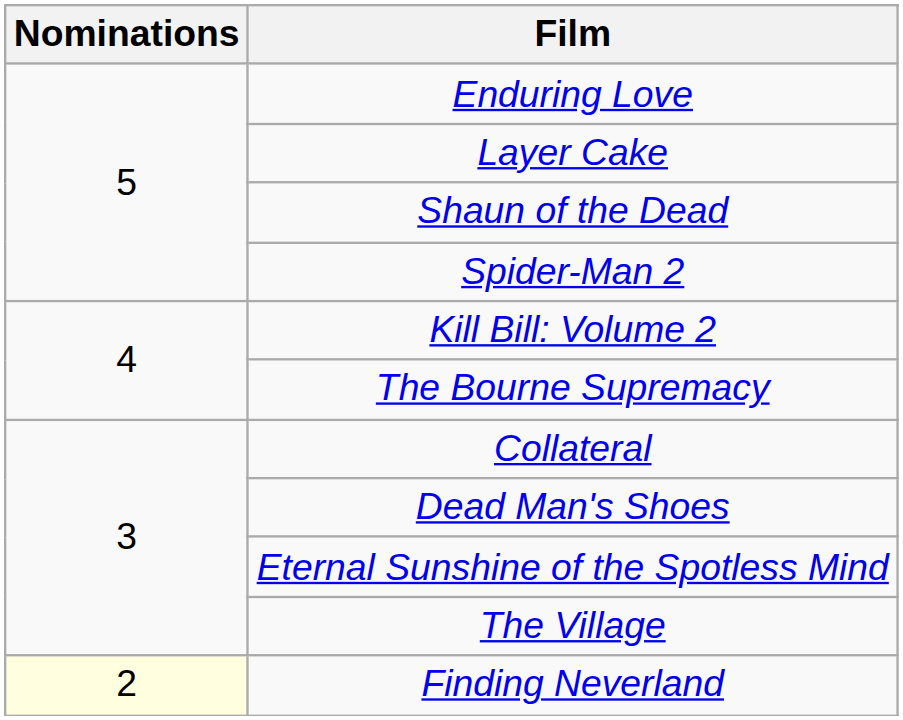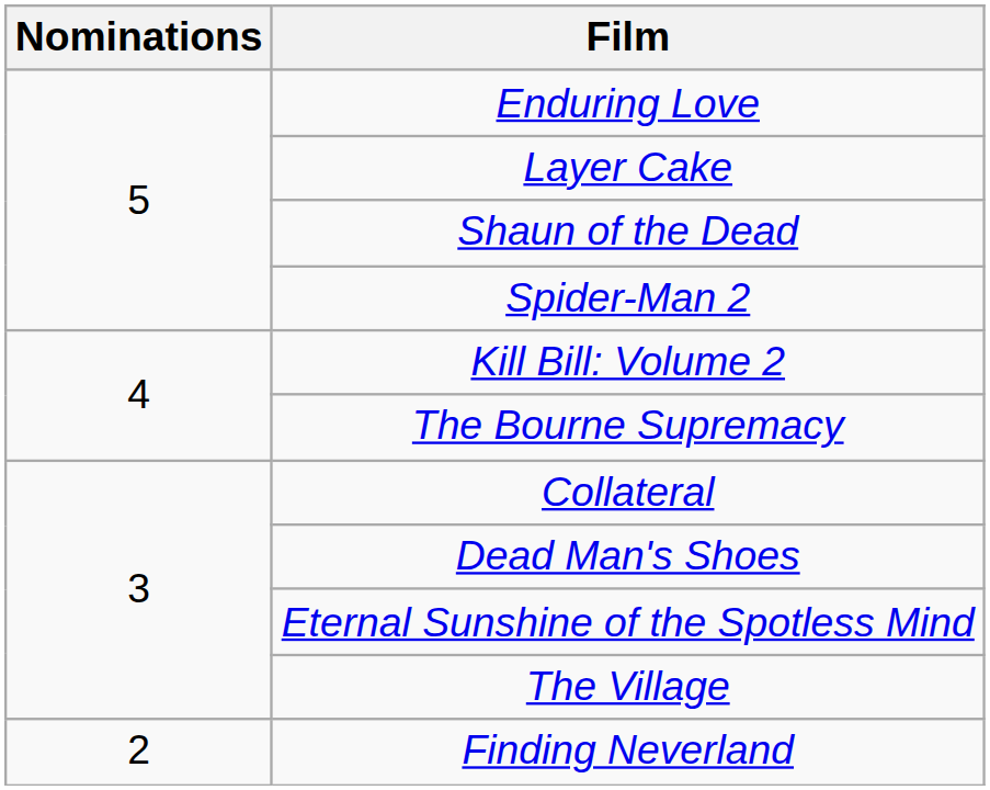 <table class="wikitable" style="text-align: center;">
 <tr>
 <th scope="col" width="55">Nominations</th>
 <th scope="col">Film</th>
 </tr>
 <tr>
 <td rowspan="4">5</td>
 <td><em><a href='#'>Enduring Love</a></em></td>
 </tr>
 <tr>
 <td><em><a href='#'>Layer Cake</a></em></td>
 </tr>
 <tr>
 <td><em><a href='#'>Shaun of the Dead</a></em></td>
 </tr>
 <tr>
 <td><em><a href='#'>Spider-Man 2</a></em></td>
 </tr>
 <tr>
 <td rowspan="2">4</td>
 <td><em><a href='#'>Kill Bill: Volume 2</a></em></td>
 </tr>
 <tr>
 <td><em><a href='#'>The Bourne Supremacy</a></em></td>
 </tr>
 <tr>
 <td rowspan="4">3</td>
 <td><em><a href='#'>Collateral</a></em></td>
 </tr>
 <tr>
 <td><em><a href='#'>Dead Man's Shoes</a></em></td>
 </tr>
 <tr>
 <td><em><a href='#'>Eternal Sunshine of the Spotless Mind</a></em></td>
 </tr>
 <tr>
 <td><em><a href='#'>The Village</a></em></td>
 </tr>
 <tr>
-<td style="background: lightyellow;">2</td>
+<td>2</td>
 <td><em><a href='#'>Finding Neverland</a></em></td>
 </tr>
 </table>
